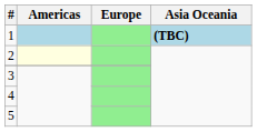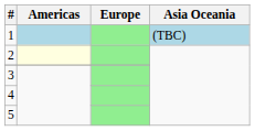 <table class=wikitable style="text-alignleft;">
 <tr>
 <th width=5%>#</th>
 <th>Americas</th>
 <th>Europe</th>
 <th>Asia Oceania</th>
 </tr>
 <tr>
 <td>1</td>
 <td bgcolor=lightblue></td>
 <td bgcolor=lightgreen></td>
-<td bgcolor=lightblue><strong> (TBC)</strong></td>
+<td bgcolor=lightblue> (TBC)</td>
 </tr>
 <tr>
 <td>2</td>
 <td bgcolor=lightyellow></td>
 <td bgcolor=lightgreen></td>
 </tr>
 <tr ||rowspan=4|>
 </tr>
 <tr>
 <td>3</td>
 <td rowspan=3></td>
 <td bgcolor=lightgreen></td>
 </tr>
 <tr>
 <td>4</td>
 <td bgcolor=lightgreen></td>
 </tr>
 <tr>
 <td>5</td>
 <td bgcolor=lightgreen></td>
 </tr>
 </table>
